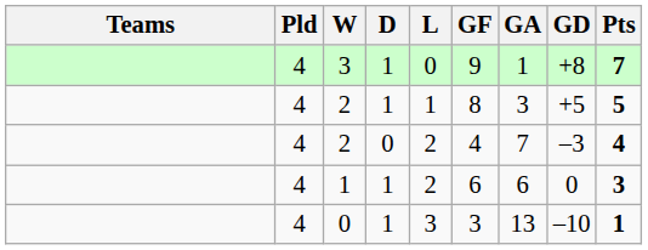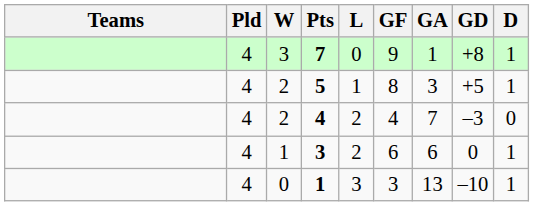 <table class="wikitable" style="text-align: center;">
 <tr>
 <th width=165>Teams</th>
 <th width=20>Pld</th>
 <th width=20>W</th>
-<th width=20>D</th>
+<th width=20>Pts</th>
 <th width=20>L</th>
 <th width=20>GF</th>
 <th width=20>GA</th>
 <th width=20>GD</th>
-<th width=20>Pts</th>
+<th width=20>D</th>
 </tr>
 <tr align=center style="background:#ccffcc;">
 <td style="text-align:left;"></td>
 <td>4</td>
 <td>3</td>
-<td>1</td>
+<td><strong>7</strong></td>
 <td>0</td>
 <td>9</td>
 <td>1</td>
 <td>+8</td>
-<td><strong>7</strong></td>
+<td>1</td>
 </tr>
 <tr align=center>
 <td style="text-align:left;"></td>
 <td>4</td>
 <td>2</td>
-<td>1</td>
+<td><strong>5</strong></td>
 <td>1</td>
 <td>8</td>
 <td>3</td>
 <td>+5</td>
-<td><strong>5</strong></td>
+<td>1</td>
 </tr>
 <tr align=center>
 <td style="text-align:left;"></td>
 <td>4</td>
 <td>2</td>
-<td>0</td>
+<td><strong>4</strong></td>
 <td>2</td>
 <td>4</td>
 <td>7</td>
 <td>–3</td>
-<td><strong>4</strong></td>
+<td>0</td>
 </tr>
 <tr align=center>
 <td style="text-align:left;"></td>
 <td>4</td>
 <td>1</td>
-<td>1</td>
+<td><strong>3</strong></td>
 <td>2</td>
 <td>6</td>
 <td>6</td>
 <td>0</td>
-<td><strong>3</strong></td>
+<td>1</td>
 </tr>
 <tr align=center>
 <td style="text-align:left;"></td>
 <td>4</td>
 <td>0</td>
-<td>1</td>
+<td><strong>1</strong></td>
 <td>3</td>
 <td>3</td>
 <td>13</td>
 <td>–10</td>
-<td><strong>1</strong></td>
+<td>1</td>
 </tr>
 </table>
